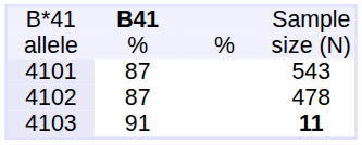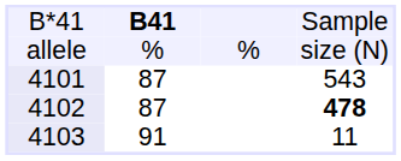 <table border="0" cellspacing="0" cellpadding="0" align="center" style="text-align:center; background:#ffffff; margin-right: 1em; border:2px #e0e0ff solid;">
 <tr style="background:#f0f0ff">
 <td style="width:60px">B*41</td>
 <td style="width:60px"><strong>B41</strong></td>
 <td style="width:60px"></td>
 <td style="width:60px">Sample</td>
 </tr>
 <tr style="background:#f0f0ff">
 <td>allele</td>
 <td>%</td>
 <td>%</td>
 <td>size (N)</td>
 </tr>
 <tr>
 <td style = "background:#e8e8f8">4101</td>
 <td>87</td>
 <td></td>
 <td>543</td>
 </tr>
 <tr>
 <td style = "background:#e8e8f8">4102</td>
 <td>87</td>
 <td></td>
-<td>478</td>
+<td><strong>478</strong></td>
 </tr>
 <tr>
 <td style = "background:#e8e8f8">4103</td>
 <td>91</td>
 <td></td>
-<td><strong>11</strong></td>
+<td>11</td>
 </tr>
 </table>
